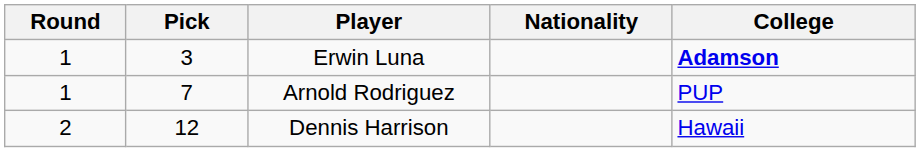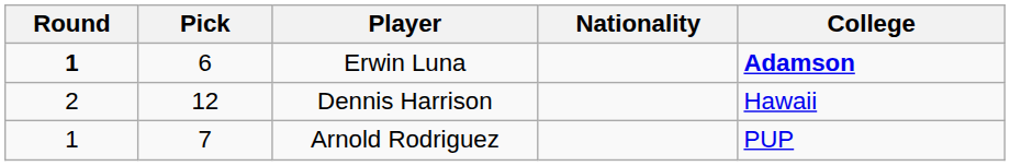 <table class="wikitable sortable sortable">
 <tr>
 <th width="10%">Round</th>
 <th width="10%">Pick</th>
 <th width="20%">Player</th>
 <th width="15%">Nationality</th>
 <th width="20%">College</th>
 </tr>
 <tr>
-<td align="center">1</td>
-<td align="center">3</td>
+<td align="center"><strong>1</strong></td>
+<td align="center">6</td>
 <td align="center">Erwin Luna</td>
 <td align="center"></td>
 <td><strong><a href='#'>Adamson</a></strong></td>
+</tr>
+<tr>
+<td align="center">2</td>
+<td align="center">12</td>
+<td align="center">Dennis Harrison</td>
+<td align="center"></td>
+<td><a href='#'>Hawaii</a></td>
 </tr>
 <tr>
 <td align="center">1</td>
 <td align="center">7</td>
 <td align="center">Arnold Rodriguez</td>
 <td align="center"></td>
 <td><a href='#'>PUP</a></td>
 </tr>
-<tr>
-<td align="center">2</td>
-<td align="center">12</td>
-<td align="center">Dennis Harrison</td>
-<td align="center"></td>
-<td><a href='#'>Hawaii</a></td>
-</tr>
 </table>
